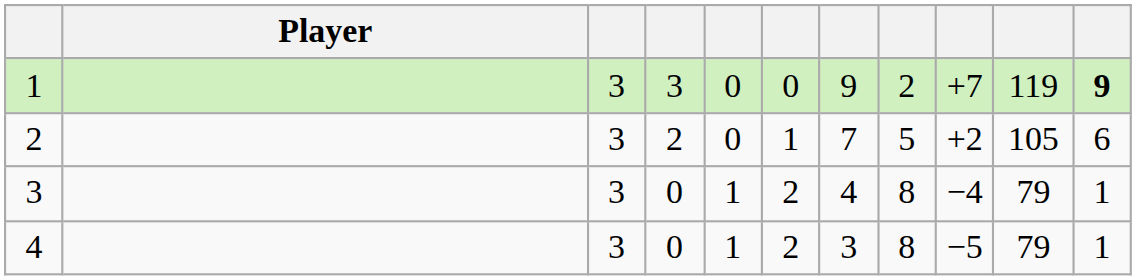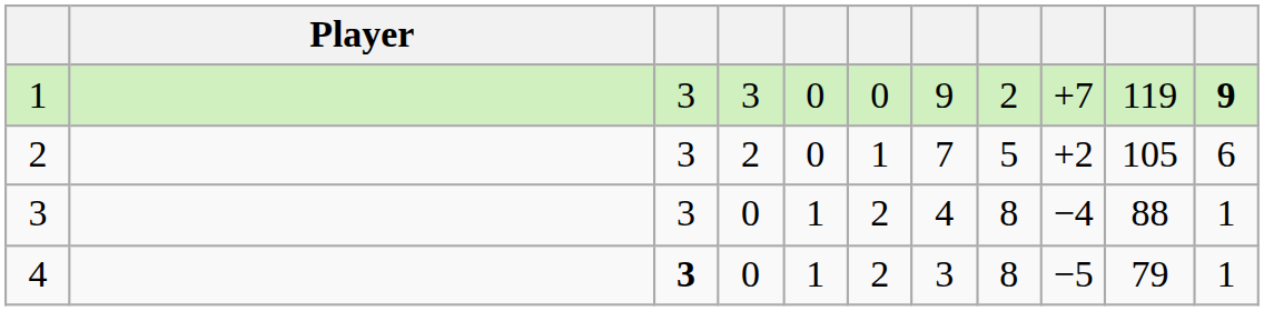 <table class="wikitable" style="text-align:center; margin: 1em auto 1em auto, align:left">
 <tr>
 <th width=20></th>
 <th width=240>Player</th>
 <th width=20></th>
 <th width=20></th>
 <th width=20></th>
 <th width=20></th>
 <th width=20></th>
 <th width=20></th>
 <th width=20></th>
 <th width=30></th>
 <th width=20></th>
 </tr>
 <tr style="background:#D0F0C0;">
 <td>1</td>
 <td align=left></td>
 <td>3</td>
 <td>3</td>
 <td>0</td>
 <td>0</td>
 <td>9</td>
 <td>2</td>
 <td>+7</td>
 <td>119</td>
 <td><strong>9</strong></td>
 </tr>
 <tr style=>
 <td>2</td>
 <td align=left></td>
 <td>3</td>
 <td>2</td>
 <td>0</td>
 <td>1</td>
 <td>7</td>
 <td>5</td>
 <td>+2</td>
 <td>105</td>
 <td>6</td>
 </tr>
 <tr style=>
 <td>3</td>
 <td align=left></td>
 <td>3</td>
 <td>0</td>
 <td>1</td>
 <td>2</td>
 <td>4</td>
 <td>8</td>
 <td>−4</td>
-<td>79</td>
+<td>88</td>
 <td>1</td>
 </tr>
 <tr style=>
 <td>4</td>
 <td align=left></td>
-<td>3</td>
+<td><strong>3</strong></td>
 <td>0</td>
 <td>1</td>
 <td>2</td>
 <td>3</td>
 <td>8</td>
 <td>−5</td>
 <td>79</td>
 <td>1</td>
 </tr>
 </table>
